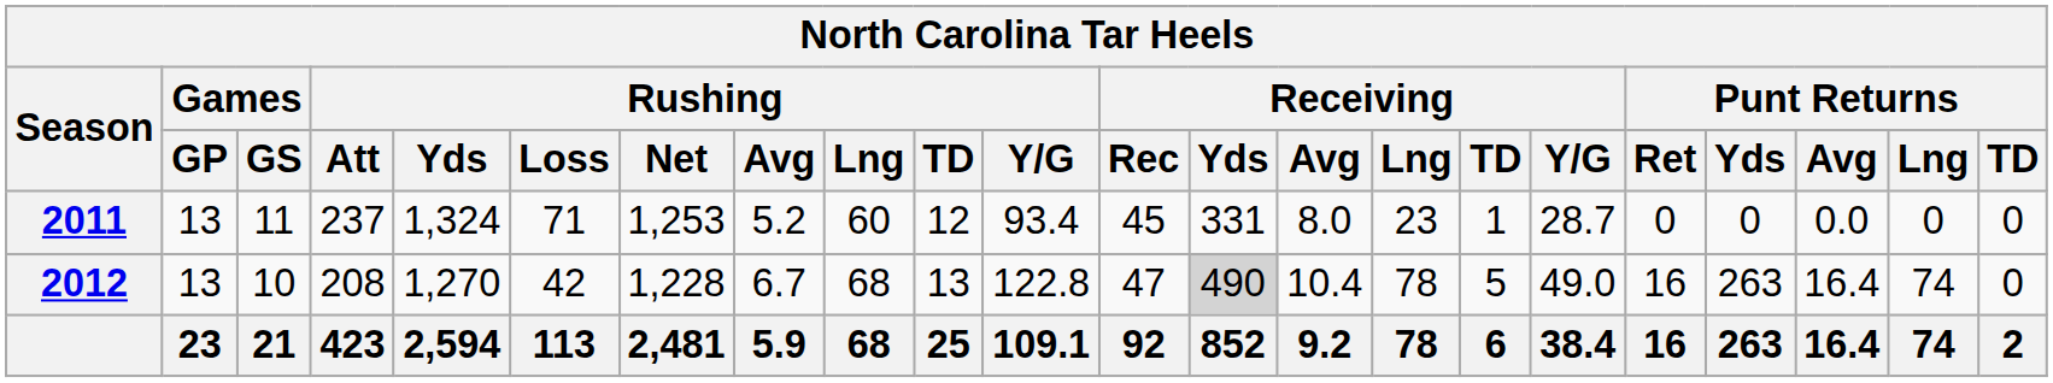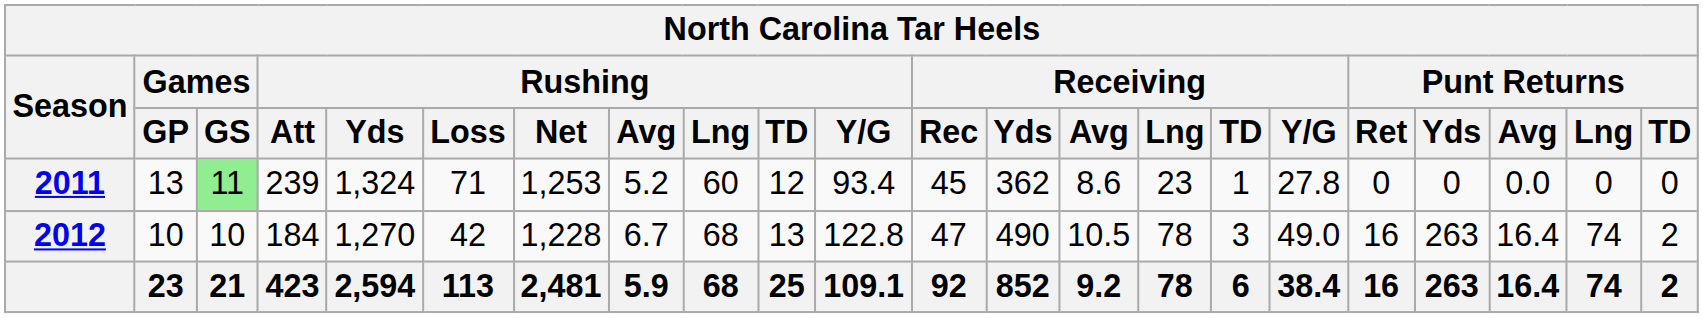 <table class=wikitable style="text-align:center;">
 <tr>
 <th colspan="22">North Carolina Tar Heels</th>
 </tr>
 <tr>
 <th rowspan="2">Season</th>
 <th colspan="2">Games</th>
 <th colspan="8">Rushing</th>
 <th colspan="6">Receiving</th>
 <th colspan="5">Punt Returns</th>
 </tr>
 <tr>
 <th>GP</th>
 <th>GS</th>
 <th>Att</th>
 <th>Yds</th>
 <th>Loss</th>
 <th>Net</th>
 <th>Avg</th>
 <th>Lng</th>
 <th>TD</th>
 <th>Y/G</th>
 <th>Rec</th>
 <th>Yds</th>
 <th>Avg</th>
 <th>Lng</th>
 <th>TD</th>
 <th>Y/G</th>
 <th>Ret</th>
 <th>Yds</th>
 <th>Avg</th>
 <th>Lng</th>
 <th>TD</th>
 </tr>
 <tr>
 <th><a href='#'>2011</a></th>
 <td>13</td>
-<td>11</td>
-<td>237</td>
+<td style="background: lightgreen;">11</td>
+<td>239</td>
 <td>1,324</td>
 <td>71</td>
 <td>1,253</td>
 <td>5.2</td>
 <td>60</td>
 <td>12</td>
 <td>93.4</td>
 <td>45</td>
-<td>331</td>
-<td>8.0</td>
+<td>362</td>
+<td>8.6</td>
 <td>23</td>
 <td>1</td>
-<td>28.7</td>
+<td>27.8</td>
 <td>0</td>
 <td>0</td>
 <td>0.0</td>
 <td>0</td>
 <td>0</td>
 </tr>
 <tr>
 <th><a href='#'>2012</a></th>
-<td>13</td>
 <td>10</td>
-<td>208</td>
+<td>10</td>
+<td>184</td>
 <td>1,270</td>
 <td>42</td>
 <td>1,228</td>
 <td>6.7</td>
 <td>68</td>
 <td>13</td>
 <td>122.8</td>
 <td>47</td>
-<td style="background: lightgrey;">490</td>
-<td>10.4</td>
+<td>490</td>
+<td>10.5</td>
 <td>78</td>
-<td>5</td>
+<td>3</td>
 <td>49.0</td>
 <td>16</td>
 <td>263</td>
 <td>16.4</td>
 <td>74</td>
-<td>0</td>
+<td>2</td>
 </tr>
 <tr>
 <th></th>
 <th>23</th>
 <th>21</th>
 <th>423</th>
 <th>2,594</th>
 <th>113</th>
 <th>2,481</th>
 <th>5.9</th>
 <th>68</th>
 <th>25</th>
 <th>109.1</th>
 <th>92</th>
 <th>852</th>
 <th>9.2</th>
 <th>78</th>
 <th>6</th>
 <th>38.4</th>
 <th>16</th>
 <th>263</th>
 <th>16.4</th>
 <th>74</th>
 <th>2</th>
 </tr>
 </table>
